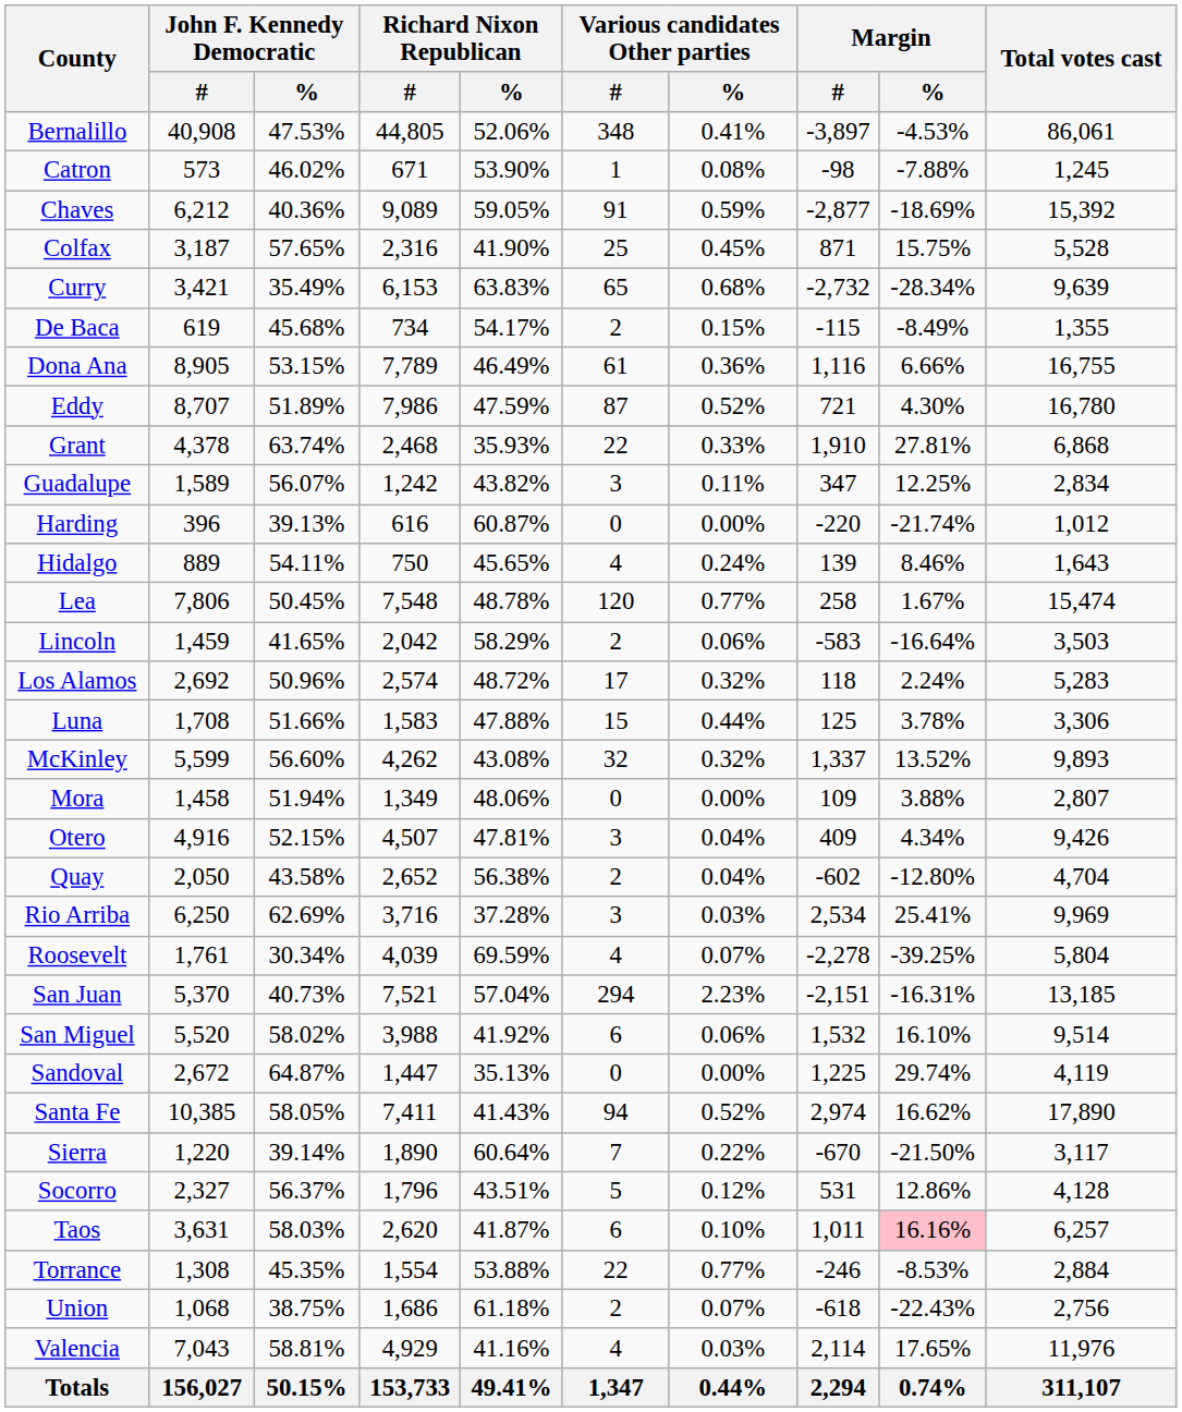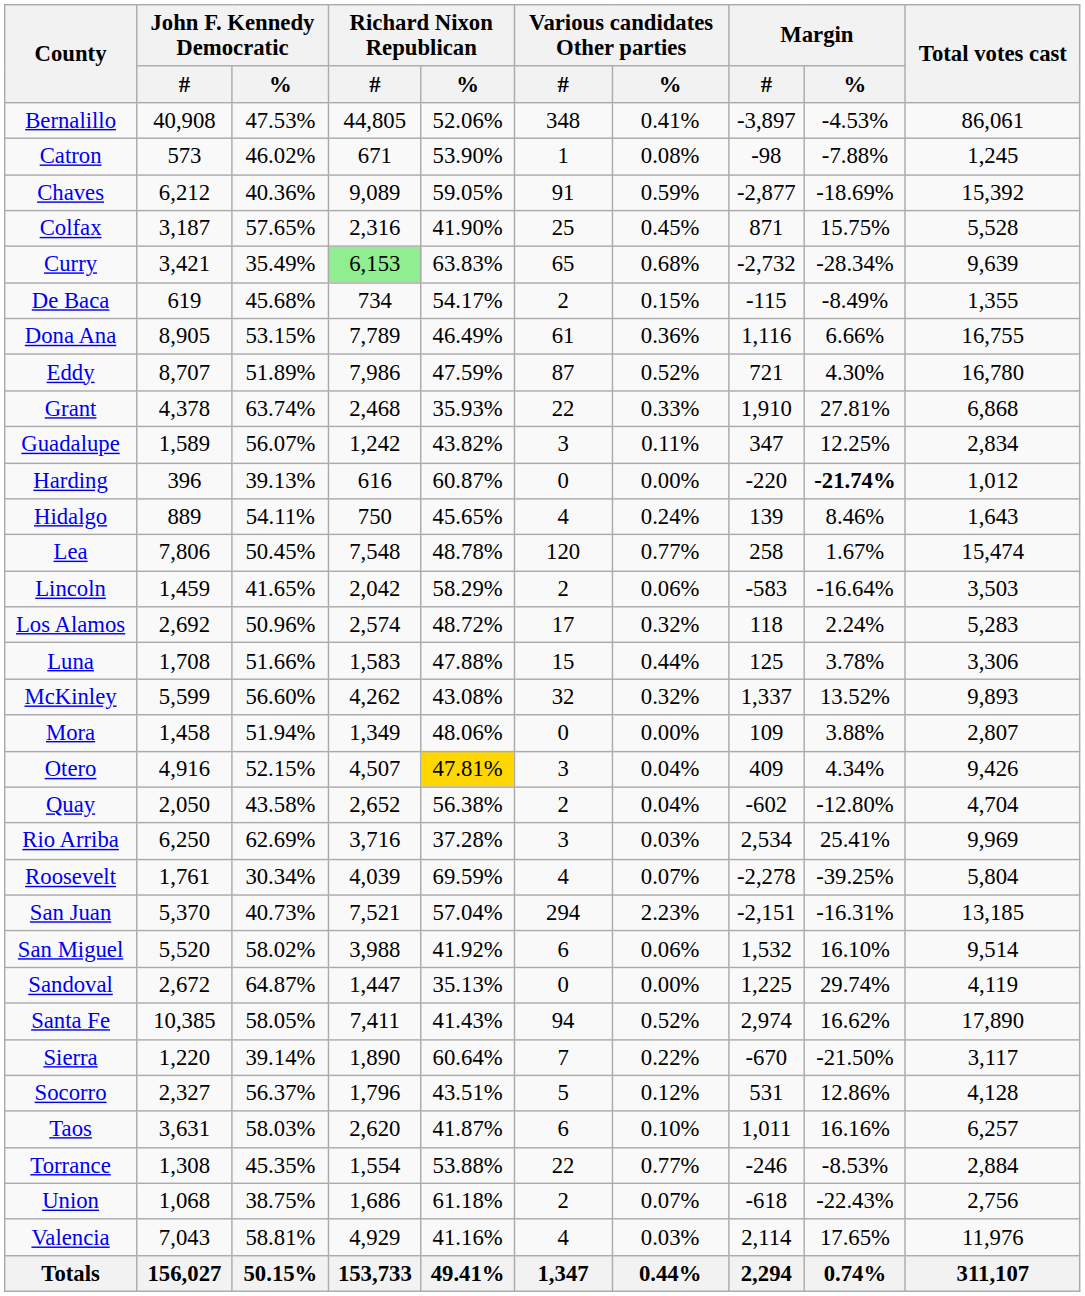 <table width="60%" class="wikitable sortable" style="text-align:center">
 <tr>
 <th style="text-align:center;" rowspan="2">County</th>
 <th style="text-align:center;" colspan="2">John F. Kennedy<br>Democratic</th>
 <th style="text-align:center;" colspan="2">Richard Nixon<br>Republican</th>
 <th style="text-align:center;" colspan="2">Various candidates<br>Other parties</th>
 <th style="text-align:center;" colspan="2">Margin</th>
 <th style="text-align:center;" rowspan="2">Total votes cast</th>
 </tr>
 <tr>
 <th style="text-align:center;" data-sort-type="number">#</th>
 <th style="text-align:center;" data-sort-type="number">%</th>
 <th style="text-align:center;" data-sort-type="number">#</th>
 <th style="text-align:center;" data-sort-type="number">%</th>
 <th style="text-align:center;" data-sort-type="number">#</th>
 <th style="text-align:center;" data-sort-type="number">%</th>
 <th style="text-align:center;" data-sort-type="number">#</th>
 <th style="text-align:center;" data-sort-type="number">%</th>
 </tr>
 <tr style="text-align:center;">
 <td><a href='#'>Bernalillo</a></td>
 <td>40,908</td>
 <td>47.53%</td>
 <td>44,805</td>
 <td>52.06%</td>
 <td>348</td>
 <td>0.41%</td>
 <td>-3,897</td>
 <td>-4.53%</td>
 <td>86,061</td>
 </tr>
 <tr style="text-align:center;">
 <td><a href='#'>Catron</a></td>
 <td>573</td>
 <td>46.02%</td>
 <td>671</td>
 <td>53.90%</td>
 <td>1</td>
 <td>0.08%</td>
 <td>-98</td>
 <td>-7.88%</td>
 <td>1,245</td>
 </tr>
 <tr style="text-align:center;">
 <td><a href='#'>Chaves</a></td>
 <td>6,212</td>
 <td>40.36%</td>
 <td>9,089</td>
 <td>59.05%</td>
 <td>91</td>
 <td>0.59%</td>
 <td>-2,877</td>
 <td>-18.69%</td>
 <td>15,392</td>
 </tr>
 <tr style="text-align:center;">
 <td><a href='#'>Colfax</a></td>
 <td>3,187</td>
 <td>57.65%</td>
 <td>2,316</td>
 <td>41.90%</td>
 <td>25</td>
 <td>0.45%</td>
 <td>871</td>
 <td>15.75%</td>
 <td>5,528</td>
 </tr>
 <tr style="text-align:center;">
 <td><a href='#'>Curry</a></td>
 <td>3,421</td>
 <td>35.49%</td>
-<td>6,153</td>
+<td style="background: lightgreen;">6,153</td>
 <td>63.83%</td>
 <td>65</td>
 <td>0.68%</td>
 <td>-2,732</td>
 <td>-28.34%</td>
 <td>9,639</td>
 </tr>
 <tr style="text-align:center;">
 <td><a href='#'>De Baca</a></td>
 <td>619</td>
 <td>45.68%</td>
 <td>734</td>
 <td>54.17%</td>
 <td>2</td>
 <td>0.15%</td>
 <td>-115</td>
 <td>-8.49%</td>
 <td>1,355</td>
 </tr>
 <tr style="text-align:center;">
 <td><a href='#'>Dona Ana</a></td>
 <td>8,905</td>
 <td>53.15%</td>
 <td>7,789</td>
 <td>46.49%</td>
 <td>61</td>
 <td>0.36%</td>
 <td>1,116</td>
 <td>6.66%</td>
 <td>16,755</td>
 </tr>
 <tr style="text-align:center;">
 <td><a href='#'>Eddy</a></td>
 <td>8,707</td>
 <td>51.89%</td>
 <td>7,986</td>
 <td>47.59%</td>
 <td>87</td>
 <td>0.52%</td>
 <td>721</td>
 <td>4.30%</td>
 <td>16,780</td>
 </tr>
 <tr style="text-align:center;">
 <td><a href='#'>Grant</a></td>
 <td>4,378</td>
 <td>63.74%</td>
 <td>2,468</td>
 <td>35.93%</td>
 <td>22</td>
 <td>0.33%</td>
 <td>1,910</td>
 <td>27.81%</td>
 <td>6,868</td>
 </tr>
 <tr style="text-align:center;">
 <td><a href='#'>Guadalupe</a></td>
 <td>1,589</td>
 <td>56.07%</td>
 <td>1,242</td>
 <td>43.82%</td>
 <td>3</td>
 <td>0.11%</td>
 <td>347</td>
 <td>12.25%</td>
 <td>2,834</td>
 </tr>
 <tr style="text-align:center;">
 <td><a href='#'>Harding</a></td>
 <td>396</td>
 <td>39.13%</td>
 <td>616</td>
 <td>60.87%</td>
 <td>0</td>
 <td>0.00%</td>
 <td>-220</td>
-<td>-21.74%</td>
+<td><strong>-21.74%</strong></td>
 <td>1,012</td>
 </tr>
 <tr style="text-align:center;">
 <td><a href='#'>Hidalgo</a></td>
 <td>889</td>
 <td>54.11%</td>
 <td>750</td>
 <td>45.65%</td>
 <td>4</td>
 <td>0.24%</td>
 <td>139</td>
 <td>8.46%</td>
 <td>1,643</td>
 </tr>
 <tr style="text-align:center;">
 <td><a href='#'>Lea</a></td>
 <td>7,806</td>
 <td>50.45%</td>
 <td>7,548</td>
 <td>48.78%</td>
 <td>120</td>
 <td>0.77%</td>
 <td>258</td>
 <td>1.67%</td>
 <td>15,474</td>
 </tr>
 <tr style="text-align:center;">
 <td><a href='#'>Lincoln</a></td>
 <td>1,459</td>
 <td>41.65%</td>
 <td>2,042</td>
 <td>58.29%</td>
 <td>2</td>
 <td>0.06%</td>
 <td>-583</td>
 <td>-16.64%</td>
 <td>3,503</td>
 </tr>
 <tr style="text-align:center;">
 <td><a href='#'>Los Alamos</a></td>
 <td>2,692</td>
 <td>50.96%</td>
 <td>2,574</td>
 <td>48.72%</td>
 <td>17</td>
 <td>0.32%</td>
 <td>118</td>
 <td>2.24%</td>
 <td>5,283</td>
 </tr>
 <tr style="text-align:center;">
 <td><a href='#'>Luna</a></td>
 <td>1,708</td>
 <td>51.66%</td>
 <td>1,583</td>
 <td>47.88%</td>
 <td>15</td>
 <td>0.44%</td>
 <td>125</td>
 <td>3.78%</td>
 <td>3,306</td>
 </tr>
 <tr style="text-align:center;">
 <td><a href='#'>McKinley</a></td>
 <td>5,599</td>
 <td>56.60%</td>
 <td>4,262</td>
 <td>43.08%</td>
 <td>32</td>
 <td>0.32%</td>
 <td>1,337</td>
 <td>13.52%</td>
 <td>9,893</td>
 </tr>
 <tr style="text-align:center;">
 <td><a href='#'>Mora</a></td>
 <td>1,458</td>
 <td>51.94%</td>
 <td>1,349</td>
 <td>48.06%</td>
 <td>0</td>
 <td>0.00%</td>
 <td>109</td>
 <td>3.88%</td>
 <td>2,807</td>
 </tr>
 <tr style="text-align:center;">
 <td><a href='#'>Otero</a></td>
 <td>4,916</td>
 <td>52.15%</td>
 <td>4,507</td>
-<td>47.81%</td>
+<td style="background: gold;">47.81%</td>
 <td>3</td>
 <td>0.04%</td>
 <td>409</td>
 <td>4.34%</td>
 <td>9,426</td>
 </tr>
 <tr style="text-align:center;">
 <td><a href='#'>Quay</a></td>
 <td>2,050</td>
 <td>43.58%</td>
 <td>2,652</td>
 <td>56.38%</td>
 <td>2</td>
 <td>0.04%</td>
 <td>-602</td>
 <td>-12.80%</td>
 <td>4,704</td>
 </tr>
 <tr style="text-align:center;">
 <td><a href='#'>Rio Arriba</a></td>
 <td>6,250</td>
 <td>62.69%</td>
 <td>3,716</td>
 <td>37.28%</td>
 <td>3</td>
 <td>0.03%</td>
 <td>2,534</td>
 <td>25.41%</td>
 <td>9,969</td>
 </tr>
 <tr style="text-align:center;">
 <td><a href='#'>Roosevelt</a></td>
 <td>1,761</td>
 <td>30.34%</td>
 <td>4,039</td>
 <td>69.59%</td>
 <td>4</td>
 <td>0.07%</td>
 <td>-2,278</td>
 <td>-39.25%</td>
 <td>5,804</td>
 </tr>
 <tr style="text-align:center;">
 <td><a href='#'>San Juan</a></td>
 <td>5,370</td>
 <td>40.73%</td>
 <td>7,521</td>
 <td>57.04%</td>
 <td>294</td>
 <td>2.23%</td>
 <td>-2,151</td>
 <td>-16.31%</td>
 <td>13,185</td>
 </tr>
 <tr style="text-align:center;">
 <td><a href='#'>San Miguel</a></td>
 <td>5,520</td>
 <td>58.02%</td>
 <td>3,988</td>
 <td>41.92%</td>
 <td>6</td>
 <td>0.06%</td>
 <td>1,532</td>
 <td>16.10%</td>
 <td>9,514</td>
 </tr>
 <tr style="text-align:center;">
 <td><a href='#'>Sandoval</a></td>
 <td>2,672</td>
 <td>64.87%</td>
 <td>1,447</td>
 <td>35.13%</td>
 <td>0</td>
 <td>0.00%</td>
 <td>1,225</td>
 <td>29.74%</td>
 <td>4,119</td>
 </tr>
 <tr style="text-align:center;">
 <td><a href='#'>Santa Fe</a></td>
 <td>10,385</td>
 <td>58.05%</td>
 <td>7,411</td>
 <td>41.43%</td>
 <td>94</td>
 <td>0.52%</td>
 <td>2,974</td>
 <td>16.62%</td>
 <td>17,890</td>
 </tr>
 <tr style="text-align:center;">
 <td><a href='#'>Sierra</a></td>
 <td>1,220</td>
 <td>39.14%</td>
 <td>1,890</td>
 <td>60.64%</td>
 <td>7</td>
 <td>0.22%</td>
 <td>-670</td>
 <td>-21.50%</td>
 <td>3,117</td>
 </tr>
 <tr style="text-align:center;">
 <td><a href='#'>Socorro</a></td>
 <td>2,327</td>
 <td>56.37%</td>
 <td>1,796</td>
 <td>43.51%</td>
 <td>5</td>
 <td>0.12%</td>
 <td>531</td>
 <td>12.86%</td>
 <td>4,128</td>
 </tr>
 <tr style="text-align:center;">
 <td><a href='#'>Taos</a></td>
 <td>3,631</td>
 <td>58.03%</td>
 <td>2,620</td>
 <td>41.87%</td>
 <td>6</td>
 <td>0.10%</td>
 <td>1,011</td>
-<td style="background: pink;">16.16%</td>
+<td>16.16%</td>
 <td>6,257</td>
 </tr>
 <tr style="text-align:center;">
 <td><a href='#'>Torrance</a></td>
 <td>1,308</td>
 <td>45.35%</td>
 <td>1,554</td>
 <td>53.88%</td>
 <td>22</td>
 <td>0.77%</td>
 <td>-246</td>
 <td>-8.53%</td>
 <td>2,884</td>
 </tr>
 <tr style="text-align:center;">
 <td><a href='#'>Union</a></td>
 <td>1,068</td>
 <td>38.75%</td>
 <td>1,686</td>
 <td>61.18%</td>
 <td>2</td>
 <td>0.07%</td>
 <td>-618</td>
 <td>-22.43%</td>
 <td>2,756</td>
 </tr>
 <tr style="text-align:center;">
 <td><a href='#'>Valencia</a></td>
 <td>7,043</td>
 <td>58.81%</td>
 <td>4,929</td>
 <td>41.16%</td>
 <td>4</td>
 <td>0.03%</td>
 <td>2,114</td>
 <td>17.65%</td>
 <td>11,976</td>
 </tr>
 <tr>
 <th>Totals</th>
 <th>156,027</th>
 <th>50.15%</th>
 <th>153,733</th>
 <th>49.41%</th>
 <th>1,347</th>
 <th>0.44%</th>
 <th>2,294</th>
 <th>0.74%</th>
 <th>311,107</th>
 </tr>
 </table>
